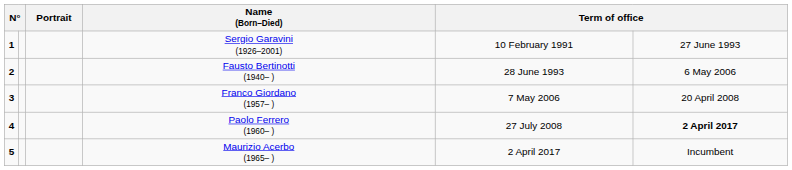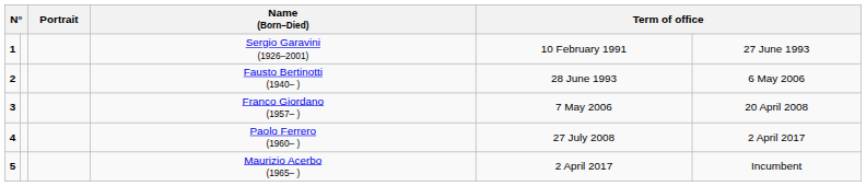 <table class="wikitable" style="text-align:center; width:100%; border:1px #AAAAFF solid">
 <tr>
 <th colspan="2">N°</th>
 <th width=85px>Portrait</th>
 <th width=45%>Name<br><small>(Born–Died)</small></th>
 <th width=45% colspan=2>Term of office</th>
 </tr>
 <tr>
 <td><strong>1</strong></td>
 <td style="background: "></td>
 <td></td>
 <td><a href='#'>Sergio Garavini</a><br><small>(1926–2001)</small></td>
 <td>10 February 1991</td>
 <td>27 June 1993</td>
 </tr>
 <tr>
 <td><strong>2</strong></td>
 <td style="background: "></td>
 <td></td>
 <td><a href='#'>Fausto Bertinotti</a><br><small>(1940– )</small></td>
 <td>28 June 1993</td>
 <td>6 May 2006</td>
 </tr>
 <tr>
 <td><strong>3</strong></td>
 <td style="background: "></td>
 <td></td>
 <td><a href='#'>Franco Giordano</a><br><small>(1957– )</small></td>
 <td>7 May 2006</td>
 <td>20 April 2008</td>
 </tr>
 <tr>
 <td><strong>4</strong></td>
 <td style="background: "></td>
 <td></td>
 <td><a href='#'>Paolo Ferrero</a><br><small>(1960– )</small></td>
 <td>27 July 2008</td>
-<td><strong>2 April 2017</strong></td>
+<td>2 April 2017</td>
 </tr>
 <tr>
 <td><strong>5</strong></td>
 <td style="background: "></td>
 <td></td>
 <td><a href='#'>Maurizio Acerbo</a><br><small>(1965– )</small></td>
 <td>2 April 2017</td>
 <td>Incumbent</td>
 </tr>
 </table>
